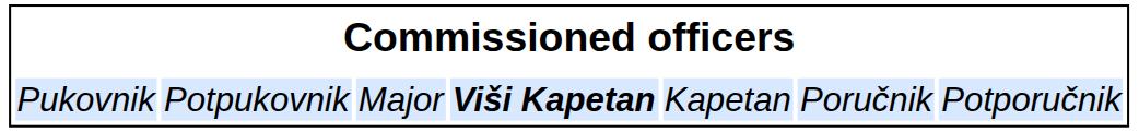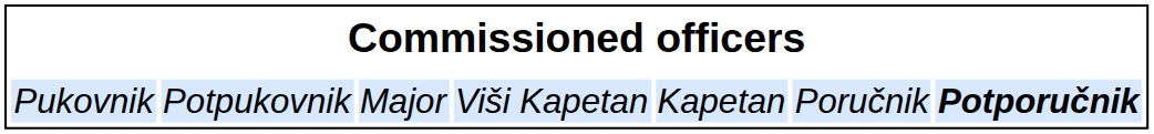 <table style="border:1px solid black; background:white; font-size:95%; margin:auto;">
 <tr>
 <td style="text-align:center;" colspan="7"><big><strong>Commissioned officers</strong></big></td>
 </tr>
 <tr align=center>
 <td></td>
 <td></td>
 <td></td>
 <td></td>
 <td></td>
 <td></td>
 <td></td>
 </tr>
 <tr style="text-align:center; background:#d7e8ff;">
 <td><em>Pukovnik</em></td>
 <td><em>Potpukovnik</em></td>
 <td><em>Major</em></td>
-<td><strong><em>Viši Kapetan</em></strong></td>
+<td><em>Viši Kapetan</em></td>
 <td><em>Kapetan</em></td>
 <td><em>Poručnik</em></td>
-<td><em>Potporučnik</em></td>
+<td><strong><em>Potporučnik</em></strong></td>
 </tr>
 </table>
